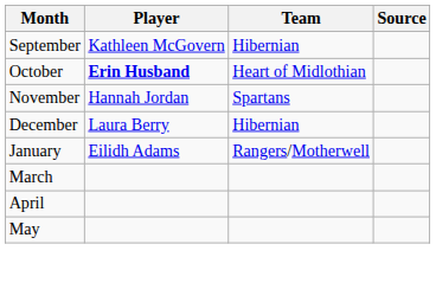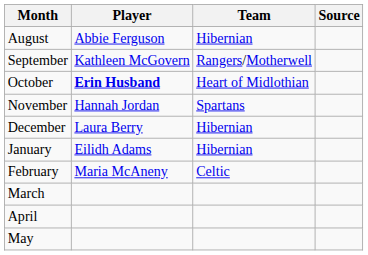 <table class="wikitable sortable" style="align:left;">
 <tr>
 <th>Month</th>
 <th>Player</th>
 <th>Team</th>
 <th>Source</th>
 </tr>
 <tr>
+<td>August</td>
+<td> <a href='#'>Abbie Ferguson</a></td>
+<td><a href='#'>Hibernian</a></td>
+<td></td>
+</tr>
+<tr>
 <td>September</td>
 <td> <a href='#'>Kathleen McGovern</a></td>
-<td><a href='#'>Hibernian</a></td>
+<td><a href='#'>Rangers</a>/<a href='#'>Motherwell</a></td>
 <td></td>
 </tr>
 <tr>
 <td>October</td>
 <td><strong> <a href='#'>Erin Husband</a></strong></td>
 <td><a href='#'>Heart of Midlothian</a></td>
 <td></td>
 </tr>
 <tr>
 <td>November</td>
 <td> <a href='#'>Hannah Jordan</a></td>
 <td><a href='#'>Spartans</a></td>
 <td></td>
 </tr>
 <tr>
 <td>December</td>
 <td> <a href='#'>Laura Berry</a></td>
 <td><a href='#'>Hibernian</a></td>
 <td></td>
 </tr>
 <tr>
 <td>January</td>
 <td> <a href='#'>Eilidh Adams</a></td>
-<td><a href='#'>Rangers</a>/<a href='#'>Motherwell</a></td>
+<td><a href='#'>Hibernian</a></td>
+<td></td>
+</tr>
+<tr>
+<td>February</td>
+<td> <a href='#'>Maria McAneny</a></td>
+<td><a href='#'>Celtic</a></td>
 <td></td>
 </tr>
 <tr>
 <td>March</td>
 <td></td>
 <td></td>
 <td></td>
 </tr>
 <tr>
 <td>April</td>
 <td></td>
 <td></td>
 <td></td>
 </tr>
 <tr>
 <td>May</td>
 <td></td>
 <td></td>
 <td></td>
 </tr>
 </table>
